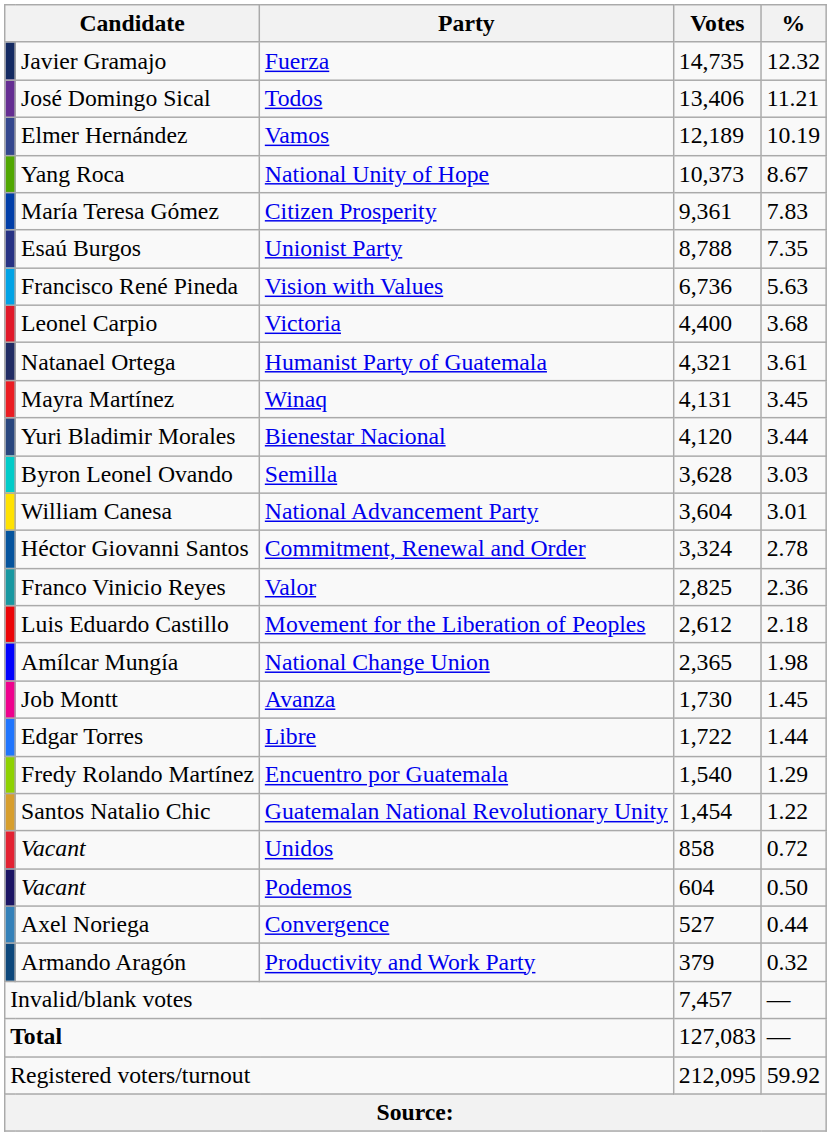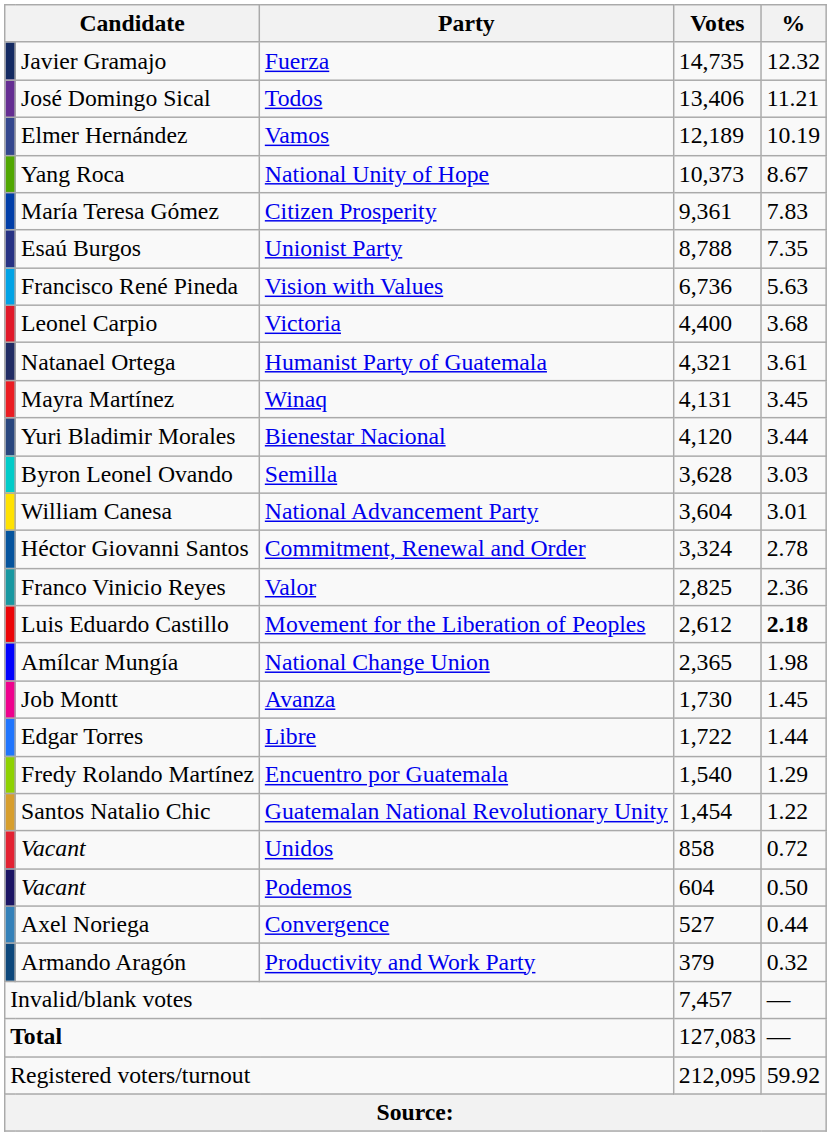 <table class="wikitable style=text-align:right">
 <tr>
 <th colspan=2>Candidate</th>
 <th>Party</th>
 <th>Votes</th>
 <th>%</th>
 </tr>
 <tr>
 <td bgcolor="#142A62"></td>
 <td align=left>Javier Gramajo</td>
 <td align=left><a href='#'>Fuerza</a></td>
 <td>14,735</td>
 <td>12.32</td>
 </tr>
 <tr>
 <td bgcolor="#652D92"></td>
 <td align=left>José Domingo Sical</td>
 <td align=left><a href='#'>Todos</a></td>
 <td>13,406</td>
 <td>11.21</td>
 </tr>
 <tr>
 <td bgcolor="#34478E"></td>
 <td align=left>Elmer Hernández</td>
 <td align=left><a href='#'>Vamos</a></td>
 <td>12,189</td>
 <td>10.19</td>
 </tr>
 <tr>
 <td bgcolor="#50A700"></td>
 <td align=left>Yang Roca</td>
 <td align=left><a href='#'>National Unity of Hope</a></td>
 <td>10,373</td>
 <td>8.67</td>
 </tr>
 <tr>
 <td bgcolor="#013EA8"></td>
 <td align=left>María Teresa Gómez</td>
 <td align=left><a href='#'>Citizen Prosperity</a></td>
 <td>9,361</td>
 <td>7.83</td>
 </tr>
 <tr>
 <td bgcolor="#273284"></td>
 <td align=left>Esaú Burgos</td>
 <td align=left><a href='#'>Unionist Party</a></td>
 <td>8,788</td>
 <td>7.35</td>
 </tr>
 <tr>
 <td bgcolor="#00A3E6"></td>
 <td align=left>Francisco René Pineda</td>
 <td align=left><a href='#'>Vision with Values</a></td>
 <td>6,736</td>
 <td>5.63</td>
 </tr>
 <tr>
 <td bgcolor="#E11829"></td>
 <td align=left>Leonel Carpio</td>
 <td align=left><a href='#'>Victoria</a></td>
 <td>4,400</td>
 <td>3.68</td>
 </tr>
 <tr>
 <td bgcolor="#212C64"></td>
 <td align=left>Natanael Ortega</td>
 <td align=left><a href='#'>Humanist Party of Guatemala</a></td>
 <td>4,321</td>
 <td>3.61</td>
 </tr>
 <tr>
 <td bgcolor="#EB1C22"></td>
 <td align=left>Mayra Martínez</td>
 <td align=left><a href='#'>Winaq</a></td>
 <td>4,131</td>
 <td>3.45</td>
 </tr>
 <tr>
 <td bgcolor="#29467E"></td>
 <td align=left>Yuri Bladimir Morales</td>
 <td align=left><a href='#'>Bienestar Nacional</a></td>
 <td>4,120</td>
 <td>3.44</td>
 </tr>
 <tr>
 <td bgcolor="#00CCC9"></td>
 <td align=left>Byron Leonel Ovando</td>
 <td align=left><a href='#'>Semilla</a></td>
 <td>3,628</td>
 <td>3.03</td>
 </tr>
 <tr>
 <td bgcolor="#FFE200"></td>
 <td align=left>William Canesa</td>
 <td align=left><a href='#'>National Advancement Party</a></td>
 <td>3,604</td>
 <td>3.01</td>
 </tr>
 <tr>
 <td bgcolor="#05549E"></td>
 <td align=left>Héctor Giovanni Santos</td>
 <td align=left><a href='#'>Commitment, Renewal and Order</a></td>
 <td>3,324</td>
 <td>2.78</td>
 </tr>
 <tr>
 <td bgcolor="#1898A1"></td>
 <td align=left>Franco Vinicio Reyes</td>
 <td align=left><a href='#'>Valor</a></td>
 <td>2,825</td>
 <td>2.36</td>
 </tr>
 <tr>
 <td bgcolor="#EC0408"></td>
 <td align=left>Luis Eduardo Castillo</td>
 <td align=left><a href='#'>Movement for the Liberation of Peoples</a></td>
 <td>2,612</td>
-<td>2.18</td>
+<td><strong>2.18</strong></td>
 </tr>
 <tr>
 <td bgcolor="#0000FE"></td>
 <td align=left>Amílcar Mungía</td>
 <td align=left><a href='#'>National Change Union</a></td>
 <td>2,365</td>
 <td>1.98</td>
 </tr>
 <tr>
 <td bgcolor="#EF018D"></td>
 <td align=left>Job Montt</td>
 <td align=left><a href='#'>Avanza</a></td>
 <td>1,730</td>
 <td>1.45</td>
 </tr>
 <tr>
 <td bgcolor="#1F75FE"></td>
 <td align=left>Edgar Torres</td>
 <td align=left><a href='#'>Libre</a></td>
 <td>1,722</td>
 <td>1.44</td>
 </tr>
 <tr>
 <td bgcolor="#8ED201"></td>
 <td align=left>Fredy Rolando Martínez</td>
 <td align=left><a href='#'>Encuentro por Guatemala</a></td>
 <td>1,540</td>
 <td>1.29</td>
 </tr>
 <tr>
 <td bgcolor="#D79E2D"></td>
 <td align=left>Santos Natalio Chic</td>
 <td align=left><a href='#'>Guatemalan National Revolutionary Unity</a></td>
 <td>1,454</td>
 <td>1.22</td>
 </tr>
 <tr>
 <td bgcolor="#E32132"></td>
 <td align=left><em>Vacant</em></td>
 <td align=left><a href='#'>Unidos</a></td>
 <td>858</td>
 <td>0.72</td>
 </tr>
 <tr>
 <td bgcolor="#1B1464"></td>
 <td align=left><em>Vacant</em></td>
 <td align=left><a href='#'>Podemos</a></td>
 <td>604</td>
 <td>0.50</td>
 </tr>
 <tr>
 <td bgcolor="#3481B9"></td>
 <td align=left>Axel Noriega</td>
 <td align=left><a href='#'>Convergence</a></td>
 <td>527</td>
 <td>0.44</td>
 </tr>
 <tr>
 <td bgcolor="#0C477B"></td>
 <td align=left>Armando Aragón</td>
 <td align=left><a href='#'>Productivity and Work Party</a></td>
 <td>379</td>
 <td>0.32</td>
 </tr>
 <tr>
 <td colspan="3" style="text-align:left;">Invalid/blank votes</td>
 <td>7,457</td>
 <td>—</td>
 </tr>
 <tr>
 <td colspan="3" style="text-align:left;"><strong>Total</strong></td>
 <td>127,083</td>
 <td>—</td>
 </tr>
 <tr>
 <td colspan="3" style="text-align:left;">Registered voters/turnout</td>
 <td>212,095</td>
 <td>59.92</td>
 </tr>
 <tr>
 <th colspan="9">Source:  </th>
 </tr>
 </table>
